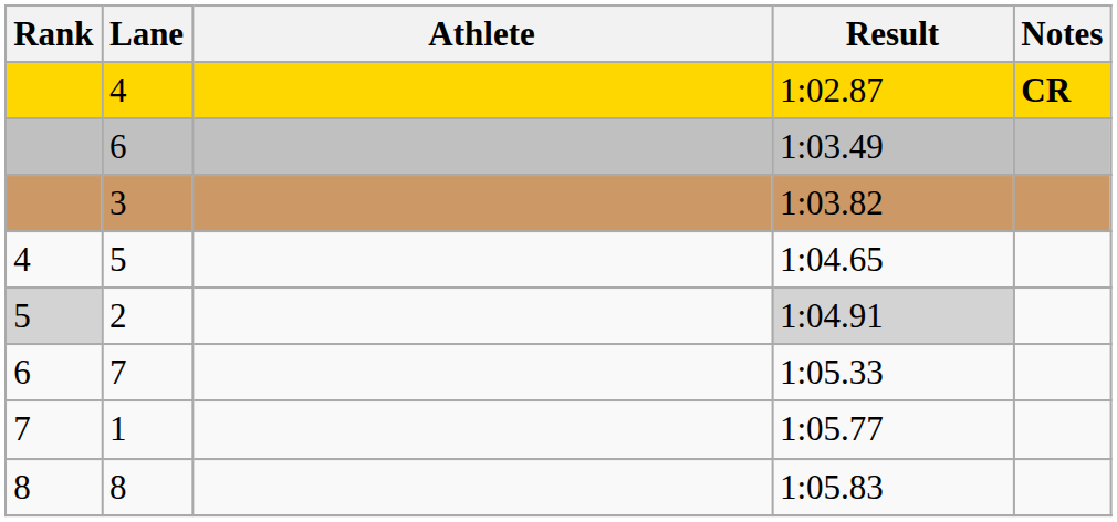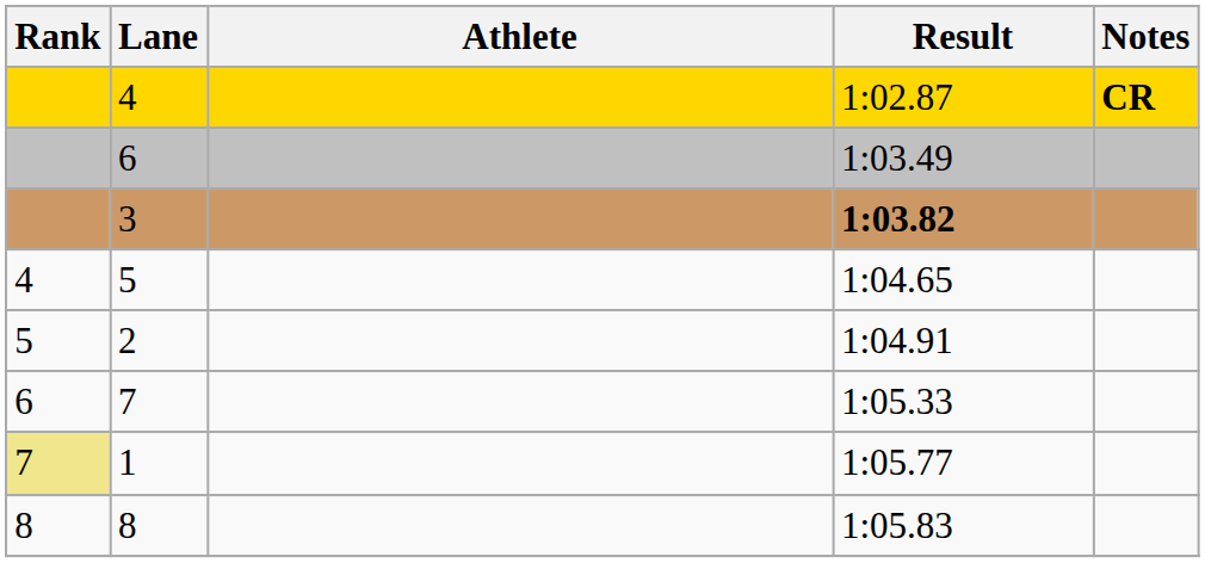 <table class="wikitable" style="font-size:95%" style="width:35em;" style="text-align:center">
 <tr>
 <th>Rank</th>
 <th>Lane</th>
 <th width=250>Athlete</th>
 <th width=100>Result</th>
 <th>Notes</th>
 </tr>
 <tr bgcolor=gold>
 <td></td>
 <td>4</td>
 <td align=left></td>
 <td>1:02.87</td>
 <td><strong>CR</strong></td>
 </tr>
 <tr bgcolor=silver>
 <td></td>
 <td>6</td>
 <td align=left></td>
 <td>1:03.49</td>
 <td></td>
 </tr>
 <tr bgcolor=cc9966>
 <td></td>
 <td>3</td>
 <td align=left></td>
-<td>1:03.82</td>
+<td><strong>1:03.82</strong></td>
 <td></td>
 </tr>
 <tr>
 <td>4</td>
 <td>5</td>
 <td align=left></td>
 <td>1:04.65</td>
 <td></td>
 </tr>
 <tr>
-<td style="background: lightgrey;">5</td>
+<td>5</td>
 <td>2</td>
 <td align=left></td>
-<td style="background: lightgrey;">1:04.91</td>
+<td>1:04.91</td>
 <td></td>
 </tr>
 <tr>
 <td>6</td>
 <td>7</td>
 <td align=left></td>
 <td>1:05.33</td>
 <td></td>
 </tr>
 <tr>
-<td>7</td>
+<td style="background: khaki;">7</td>
 <td>1</td>
 <td align=left></td>
 <td>1:05.77</td>
 <td></td>
 </tr>
 <tr>
 <td>8</td>
 <td>8</td>
 <td align=left></td>
 <td>1:05.83</td>
 <td></td>
 </tr>
 <tr>
 </tr>
 </table>
